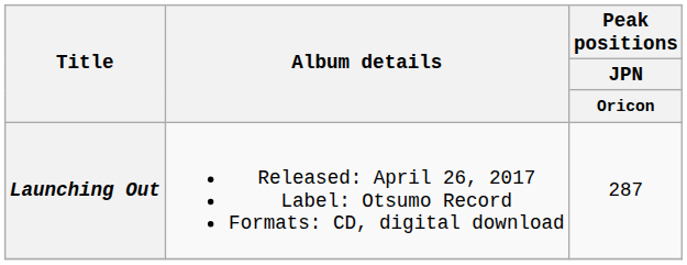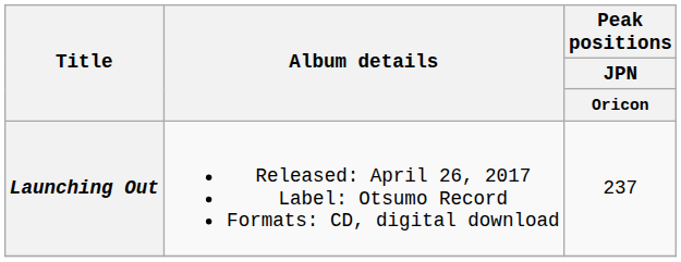 <table class="wikitable plainrowheaders" style="text-align:center;">
 <tr>
 <th scope="col" rowspan="3">Title</th>
 <th scope="col" rowspan="3">Album details</th>
 <th scope="col">Peak <br> positions</th>
 </tr>
 <tr>
 <th colspan="2">JPN</th>
 </tr>
 <tr>
 <th scope="col" colspan="1"><small>Oricon</small><br></th>
 </tr>
 <tr>
 <th scope="row"><em>Launching Out</em></th>
 <td><br><ul><li>Released: April 26, 2017</li><li>Label: Otsumo Record</li><li>Formats: CD, digital download</li></ul></td>
-<td>287</td>
+<td>237</td>
 </tr>
 <tr>
 </tr>
 </table>
